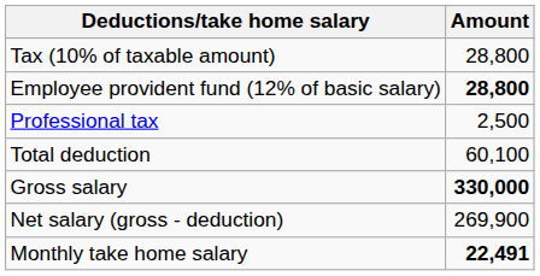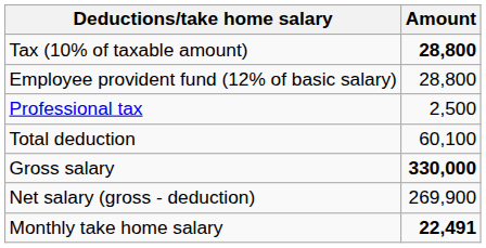 <table class="wikitable">
 <tr>
 <th>Deductions/take home salary</th>
 <th>Amount</th>
 </tr>
 <tr>
 <td>Tax (10% of taxable amount)</td>
-<td align="right">28,800</td>
+<td align="right"><strong>28,800</strong></td>
 </tr>
 <tr>
 <td>Employee provident fund (12% of basic salary)</td>
-<td align="right"><strong>28,800</strong></td>
+<td align="right">28,800</td>
 </tr>
 <tr>
 <td><a href='#'>Professional tax</a></td>
 <td align="right">2,500</td>
 </tr>
 <tr>
 <td>Total deduction</td>
 <td align="right">60,100</td>
 </tr>
 <tr>
 <td>Gross salary</td>
 <td align="right"><strong>330,000</strong></td>
 </tr>
 <tr>
 <td>Net salary (gross - deduction)</td>
 <td align="right">269,900</td>
 </tr>
 <tr>
 <td>Monthly take home salary</td>
 <td align="right"><strong>22,491</strong></td>
 </tr>
 </table>
